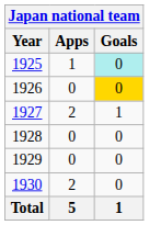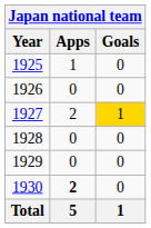 <table class="wikitable" style="text-align:center">
 <tr>
 <th colspan=3><a href='#'>Japan national team</a></th>
 </tr>
 <tr>
 <th>Year</th>
 <th>Apps</th>
 <th>Goals</th>
 </tr>
 <tr>
 <td><a href='#'>1925</a></td>
 <td>1</td>
-<td style="background: paleturquoise;">0</td>
+<td>0</td>
 </tr>
 <tr>
 <td>1926</td>
 <td>0</td>
-<td style="background: gold;">0</td>
+<td>0</td>
 </tr>
 <tr>
 <td><a href='#'>1927</a></td>
 <td>2</td>
-<td>1</td>
+<td style="background: gold;">1</td>
 </tr>
 <tr>
 <td>1928</td>
 <td>0</td>
 <td>0</td>
 </tr>
 <tr>
 <td>1929</td>
 <td>0</td>
 <td>0</td>
 </tr>
 <tr>
 <td><a href='#'>1930</a></td>
-<td>2</td>
+<td><strong>2</strong></td>
 <td>0</td>
 </tr>
 <tr>
 <th>Total</th>
 <th>5</th>
 <th>1</th>
 </tr>
 </table>
